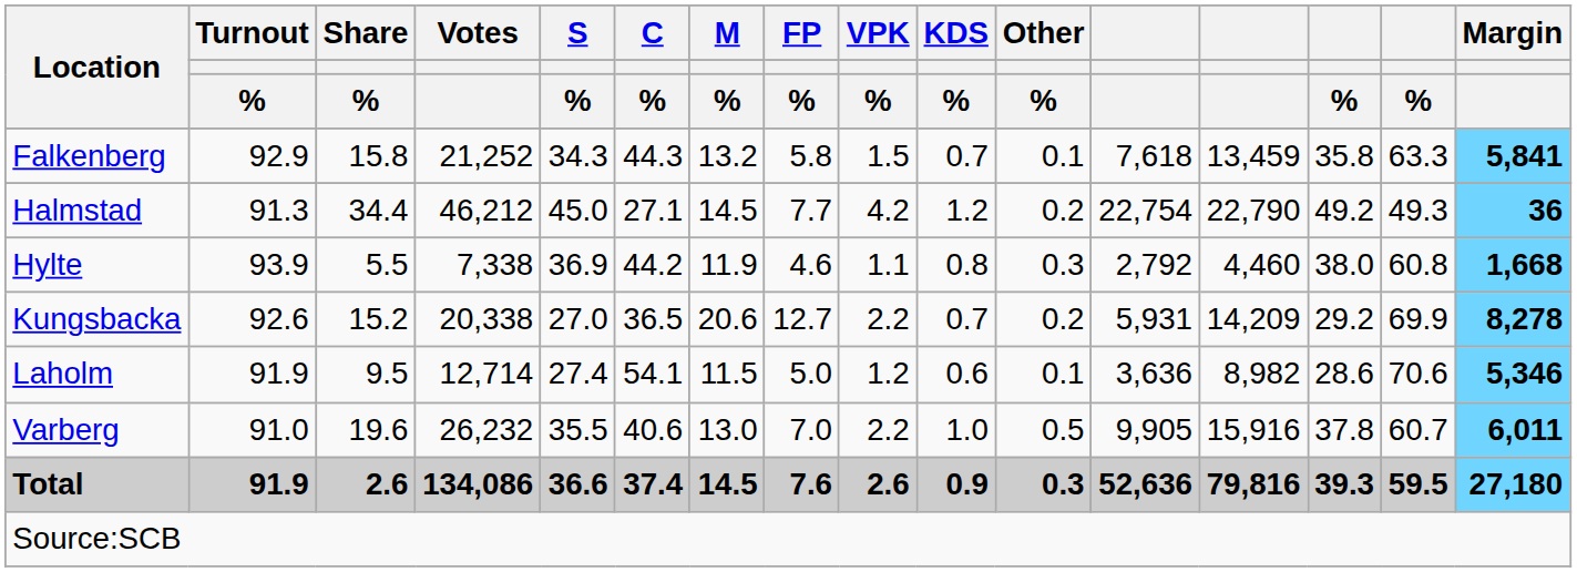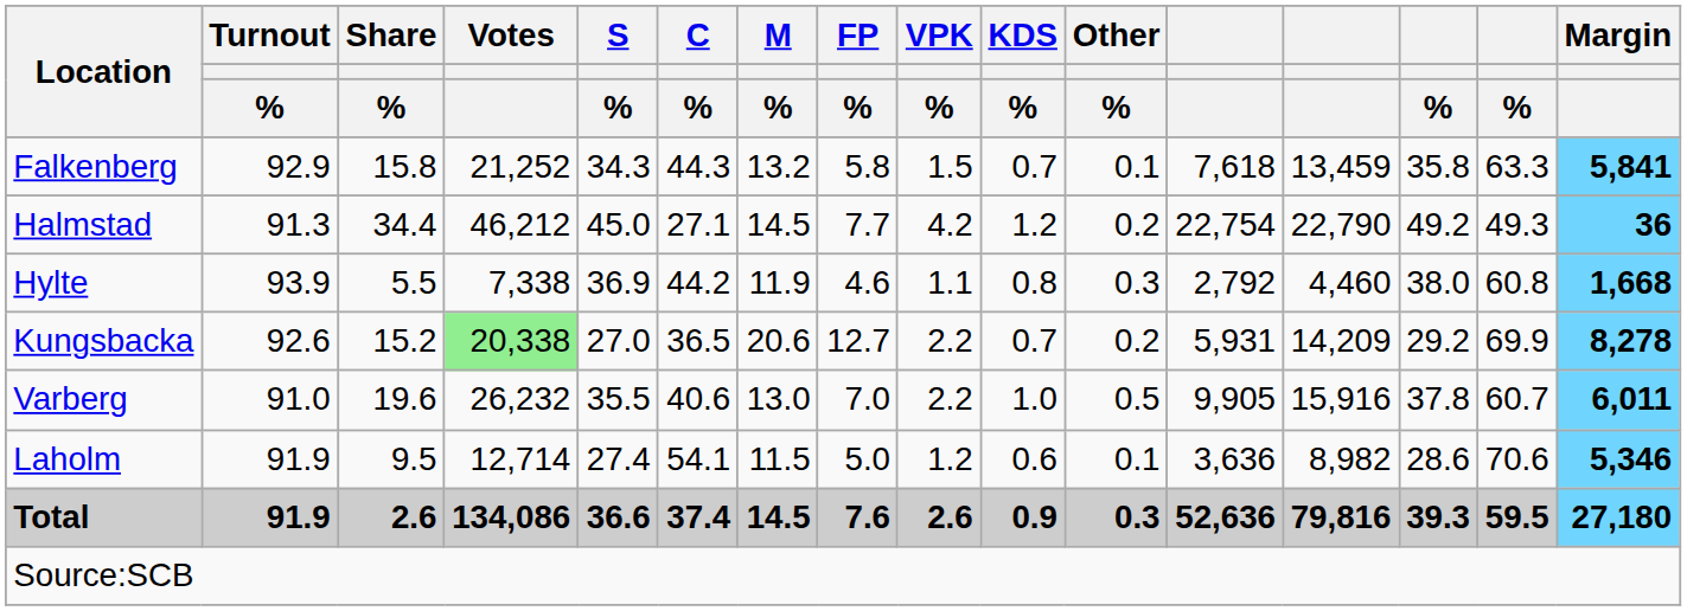 <table class="wikitable sortable" style="text-align:right; font-size:95%; line-height:20px;">
 <tr>
 <th rowspan="3">Location</th>
 <th>Turnout</th>
 <th>Share</th>
 <th>Votes</th>
 <th width="30px" class="unsortable"><a href='#'>S</a></th>
 <th width="30px" class="unsortable"><a href='#'>C</a></th>
 <th width="30px" class="unsortable"><a href='#'>M</a></th>
 <th width="30px" class="unsortable"><a href='#'>FP</a></th>
 <th width="30px" class="unsortable"><a href='#'>VPK</a></th>
 <th width="30px" class="unsortable"><a href='#'>KDS</a></th>
 <th width="30px" class="unsortable">Other</th>
 <th></th>
 <th></th>
 <th></th>
 <th></th>
 <th>Margin</th>
 </tr>
 <tr>
 <th></th>
 <th></th>
 <th></th>
 <th style="background:"></th>
 <th style="background:"></th>
 <th style="background:"></th>
 <th style="background:"></th>
 <th style="background:"></th>
 <th style="background:"></th>
 <th style="background:"></th>
 <th style="background:"></th>
 <th style="background:"></th>
 <th style="background:"></th>
 <th style="background:"></th>
 <th></th>
 </tr>
 <tr>
 <th data-sort-type="number">%</th>
 <th data-sort-type="number">%</th>
 <th></th>
 <th data-sort-type="number">%</th>
 <th data-sort-type="number">%</th>
 <th data-sort-type="number">%</th>
 <th data-sort-type="number">%</th>
 <th data-sort-type="number">%</th>
 <th data-sort-type="number">%</th>
 <th data-sort-type="number">%</th>
 <th data-sort-type="number"></th>
 <th data-sort-type="number"></th>
 <th data-sort-type="number">%</th>
 <th data-sort-type="number">%</th>
 <th data-sort-type="number"></th>
 </tr>
 <tr>
 <td align=left><a href='#'>Falkenberg</a></td>
 <td>92.9</td>
 <td>15.8</td>
 <td>21,252</td>
 <td>34.3</td>
 <td>44.3</td>
 <td>13.2</td>
 <td>5.8</td>
 <td>1.5</td>
 <td>0.7</td>
 <td>0.1</td>
 <td>7,618</td>
 <td>13,459</td>
 <td>35.8</td>
 <td>63.3</td>
 <td bgcolor=#6fd5fe><strong>5,841</strong></td>
 </tr>
 <tr>
 <td align=left><a href='#'>Halmstad</a></td>
 <td>91.3</td>
 <td>34.4</td>
 <td>46,212</td>
 <td>45.0</td>
 <td>27.1</td>
 <td>14.5</td>
 <td>7.7</td>
 <td>4.2</td>
 <td>1.2</td>
 <td>0.2</td>
 <td>22,754</td>
 <td>22,790</td>
 <td>49.2</td>
 <td>49.3</td>
 <td bgcolor=#6fd5fe><strong>36</strong></td>
 </tr>
 <tr>
 <td align=left><a href='#'>Hylte</a></td>
 <td>93.9</td>
 <td>5.5</td>
 <td>7,338</td>
 <td>36.9</td>
 <td>44.2</td>
 <td>11.9</td>
 <td>4.6</td>
 <td>1.1</td>
 <td>0.8</td>
 <td>0.3</td>
 <td>2,792</td>
 <td>4,460</td>
 <td>38.0</td>
 <td>60.8</td>
 <td bgcolor=#6fd5fe><strong>1,668</strong></td>
 </tr>
 <tr>
 <td align=left><a href='#'>Kungsbacka</a></td>
 <td>92.6</td>
 <td>15.2</td>
-<td>20,338</td>
+<td style="background: lightgreen;">20,338</td>
 <td>27.0</td>
 <td>36.5</td>
 <td>20.6</td>
 <td>12.7</td>
 <td>2.2</td>
 <td>0.7</td>
 <td>0.2</td>
 <td>5,931</td>
 <td>14,209</td>
 <td>29.2</td>
 <td>69.9</td>
 <td bgcolor=#6fd5fe><strong>8,278</strong></td>
+</tr>
+<tr>
+<td align=left><a href='#'>Varberg</a></td>
+<td>91.0</td>
+<td>19.6</td>
+<td>26,232</td>
+<td>35.5</td>
+<td>40.6</td>
+<td>13.0</td>
+<td>7.0</td>
+<td>2.2</td>
+<td>1.0</td>
+<td>0.5</td>
+<td>9,905</td>
+<td>15,916</td>
+<td>37.8</td>
+<td>60.7</td>
+<td bgcolor=#6fd5fe><strong>6,011</strong></td>
 </tr>
 <tr>
 <td align=left><a href='#'>Laholm</a></td>
 <td>91.9</td>
 <td>9.5</td>
 <td>12,714</td>
 <td>27.4</td>
 <td>54.1</td>
 <td>11.5</td>
 <td>5.0</td>
 <td>1.2</td>
 <td>0.6</td>
 <td>0.1</td>
 <td>3,636</td>
 <td>8,982</td>
 <td>28.6</td>
 <td>70.6</td>
 <td bgcolor=#6fd5fe><strong>5,346</strong></td>
-</tr>
-<tr>
-<td align=left><a href='#'>Varberg</a></td>
-<td>91.0</td>
-<td>19.6</td>
-<td>26,232</td>
-<td>35.5</td>
-<td>40.6</td>
-<td>13.0</td>
-<td>7.0</td>
-<td>2.2</td>
-<td>1.0</td>
-<td>0.5</td>
-<td>9,905</td>
-<td>15,916</td>
-<td>37.8</td>
-<td>60.7</td>
-<td bgcolor=#6fd5fe><strong>6,011</strong></td>
 </tr>
 <tr style="background:#CDCDCD;">
 <td align=left><strong>Total</strong></td>
 <td><strong>91.9</strong></td>
 <td><strong>2.6</strong></td>
 <td><strong>134,086</strong></td>
 <td><strong>36.6</strong></td>
 <td><strong>37.4</strong></td>
 <td><strong>14.5</strong></td>
 <td><strong>7.6</strong></td>
 <td><strong>2.6</strong></td>
 <td><strong>0.9</strong></td>
 <td><strong>0.3</strong></td>
 <td><strong>52,636</strong></td>
 <td><strong>79,816</strong></td>
 <td><strong>39.3</strong></td>
 <td><strong>59.5</strong></td>
 <td bgcolor=#6fd5fe><strong>27,180</strong></td>
 </tr>
 <tr>
 <td align=left colspan=16>Source:SCB </td>
 </tr>
 </table>
